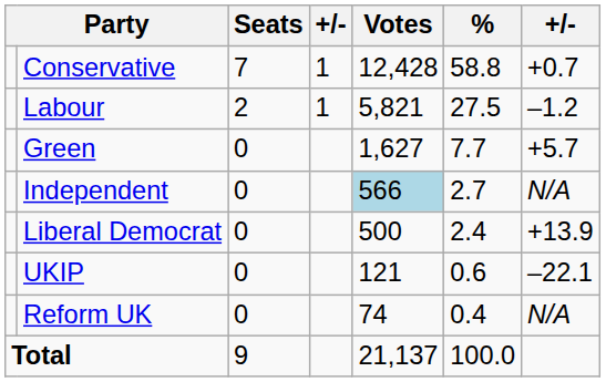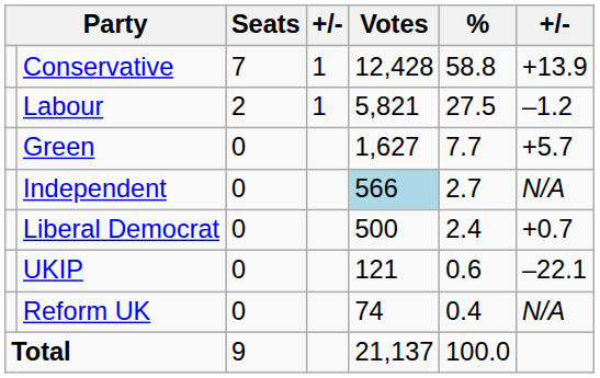 <table class="wikitable sortable">
 <tr>
 <th colspan="2">Party</th>
 <th>Seats</th>
 <th>+/-</th>
 <th>Votes</th>
 <th>%</th>
 <th>+/-</th>
 </tr>
 <tr>
 <td style="background-color: "></td>
 <td><a href='#'>Conservative</a></td>
 <td>7</td>
 <td> 1</td>
 <td>12,428</td>
 <td>58.8</td>
-<td>+0.7</td>
+<td>+13.9</td>
 </tr>
 <tr>
 <td style="background-color: "></td>
 <td><a href='#'>Labour</a></td>
 <td>2</td>
 <td> 1</td>
 <td>5,821</td>
 <td>27.5</td>
 <td>–1.2</td>
 </tr>
 <tr>
 <td style="background-color: "></td>
 <td><a href='#'>Green</a></td>
 <td>0</td>
 <td></td>
 <td>1,627</td>
 <td>7.7</td>
 <td>+5.7</td>
 </tr>
 <tr>
 <td style="background-color: "></td>
 <td><a href='#'>Independent</a></td>
 <td>0</td>
 <td></td>
 <td style="background: lightblue;">566</td>
 <td>2.7</td>
 <td><em>N/A</em></td>
 </tr>
 <tr>
 <td style="background-color: "></td>
 <td><a href='#'>Liberal Democrat</a></td>
 <td>0</td>
 <td></td>
 <td>500</td>
 <td>2.4</td>
-<td>+13.9</td>
+<td>+0.7</td>
 </tr>
 <tr>
 <td style="background-color: "></td>
 <td><a href='#'>UKIP</a></td>
 <td>0</td>
 <td></td>
 <td>121</td>
 <td>0.6</td>
 <td>–22.1</td>
 </tr>
 <tr>
 <td style="background-color: "></td>
 <td><a href='#'>Reform UK</a></td>
 <td>0</td>
 <td></td>
 <td>74</td>
 <td>0.4</td>
 <td><em>N/A</em></td>
 </tr>
 <tr>
 <td colspan="2"><strong>Total</strong></td>
 <td>9</td>
 <td></td>
 <td>21,137</td>
 <td>100.0</td>
 <td></td>
 </tr>
 </table>
